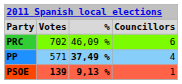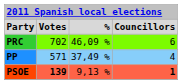 <table class="wikitable">
 <tr>
 <td colspan="6" bgcolor="#C0C0C0"><strong><a href='#'>2011 Spanish local elections</a></strong></td>
 </tr>
 <tr bgcolor="#D8D8D8">
 <td><strong>Party</strong></td>
 <td align="right"><strong>Votes</strong></td>
 <td align="right"><strong>%</strong></td>
 <td align="right"><strong>Councillors</strong></td>
 </tr>
 <tr>
 <td bgcolor="#32CD32"><strong>PRC</strong></td>
 <td bgcolor="#7CFC00" align="right">702</td>
 <td bgcolor="#7CFC00" align="right">46,09 %</td>
 <td bgcolor="#7CFC00" align="right">6</td>
 </tr>
 <tr>
 <td bgcolor="#1E90FF"><strong>PP</strong></td>
 <td bgcolor="#87CEFA" align="right">571</td>
-<td bgcolor="#87CEFA" align="right"><strong>37,49 %</strong></td>
+<td bgcolor="#87CEFA" align="right">37,49 %</td>
 <td bgcolor="#87CEFA" align="right">4</td>
 </tr>
 <tr>
 <td bgcolor="#FF4500"><strong>PSOE</strong></td>
 <td bgcolor="#FF6347" align="right"><strong>139</strong></td>
-<td bgcolor="#FF6347" align="right"><strong>9,13 %</strong></td>
-<td bgcolor="#FF6347" align="right">1</td>
+<td bgcolor="#FF6347" align="right">9,13 %</td>
+<td bgcolor="#FF6347" align="right"><strong>1</strong></td>
 </tr>
 <tr>
 </tr>
 </table>
